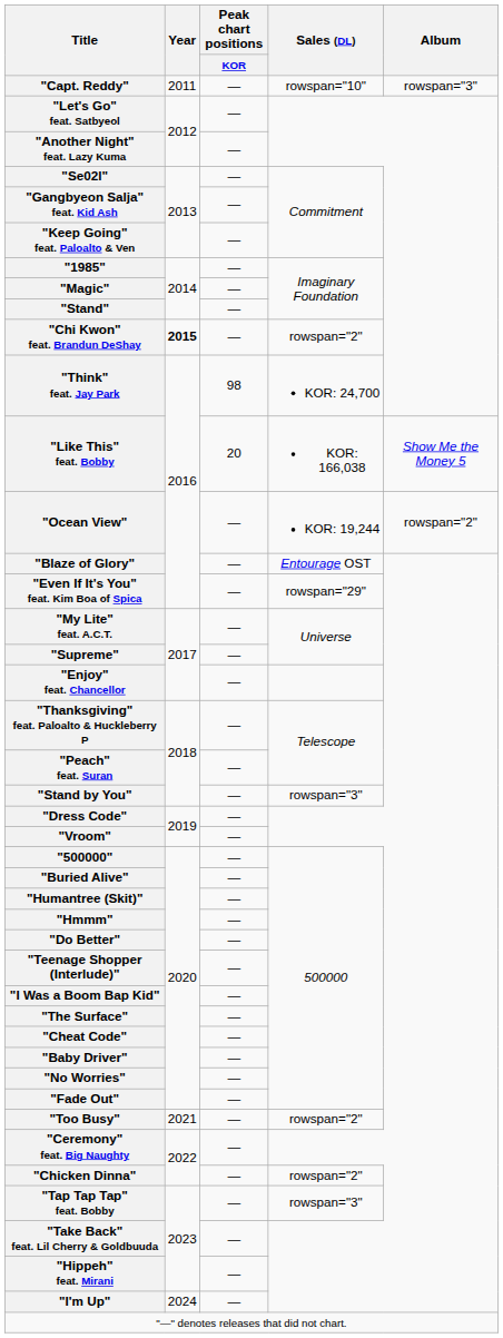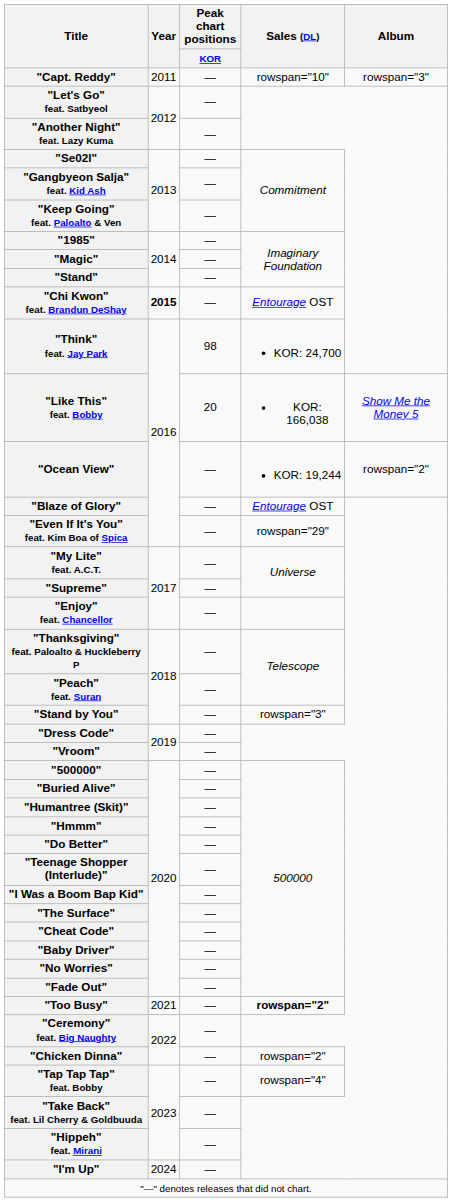 <table class="wikitable plainrowheaders" style="text-align:center;">
 <tr>
 <th scope="col" rowspan="2">Title</th>
 <th scope="col" rowspan="2">Year</th>
 <th scope="col" colspan="1">Peak chart <br> positions</th>
 <th scope="col" rowspan="2">Sales <small>(<a href='#'>DL</a>)</small></th>
 <th scope="col" rowspan="2">Album</th>
 </tr>
 <tr>
 <th><small><a href='#'>KOR</a></small><br></th>
 </tr>
 <tr>
 <th scope="row">"Capt. Reddy"</th>
 <td>2011</td>
 <td>—</td>
 <td>rowspan="10" </td>
 <td>rowspan="3" </td>
 </tr>
 <tr>
 <th scope="row">"Let's Go" <br><small>feat. Satbyeol</small></th>
 <td rowspan="2">2012</td>
 <td>—</td>
 </tr>
 <tr>
 <th scope="row">"Another Night" <br><small>feat. Lazy Kuma</small></th>
 <td>—</td>
 </tr>
 <tr>
 <th scope="row">"Se02l"</th>
 <td rowspan="3">2013</td>
 <td>—</td>
 <td rowspan="3"><em>Commitment</em></td>
 </tr>
 <tr>
 <th scope="row">"Gangbyeon Salja" <br><small>feat. <a href='#'>Kid Ash</a></small></th>
 <td>—</td>
 </tr>
 <tr>
 <th scope="row">"Keep Going" <br><small>feat. <a href='#'>Paloalto</a> & Ven</small></th>
 <td>—</td>
 </tr>
 <tr>
 <th scope="row">"1985"</th>
 <td rowspan="3">2014</td>
 <td>—</td>
 <td rowspan="3"><em>Imaginary Foundation</em></td>
 </tr>
 <tr>
 <th scope="row">"Magic" </th>
 <td>—</td>
 </tr>
 <tr>
 <th scope="row">"Stand" </th>
 <td>—</td>
 </tr>
 <tr>
 <th scope="row">"Chi Kwon"  <br><small>feat. <a href='#'>Brandun DeShay</a></small></th>
 <td><strong>2015</strong></td>
 <td>—</td>
-<td>rowspan="2" </td>
+<td><em><a href='#'>Entourage</a></em> OST</td>
 </tr>
 <tr>
 <th scope="row">"Think"  <br><small>feat. <a href='#'>Jay Park</a></small></th>
 <td rowspan="5">2016</td>
 <td>98</td>
 <td><br><ul><li>KOR: 24,700</li></ul></td>
 </tr>
 <tr>
 <th scope="row">"Like This" <br><small>feat. <a href='#'>Bobby</a></small></th>
 <td>20</td>
 <td><br><ul><li>KOR: 166,038</li></ul></td>
 <td><em><a href='#'>Show Me the Money 5</a></em></td>
 </tr>
 <tr>
 <th scope="row">"Ocean View"</th>
 <td>—</td>
 <td><br><ul><li>KOR: 19,244</li></ul></td>
 <td>rowspan="2" </td>
 </tr>
 <tr>
 <th scope="row">"Blaze of Glory"</th>
 <td>—</td>
 <td><em><a href='#'>Entourage</a></em> OST</td>
 </tr>
 <tr>
 <th scope="row">"Even If It's You" <br><small>feat. Kim Boa of <a href='#'>Spica</a></small></th>
 <td>—</td>
 <td>rowspan="29" </td>
 </tr>
 <tr>
 <th scope="row">"My Lite" <br><small>feat. A.C.T.</small></th>
 <td rowspan="3">2017</td>
 <td>—</td>
 <td rowspan="2"><em>Universe</em></td>
 </tr>
 <tr>
 <th scope="row">"Supreme"</th>
 <td>—</td>
 </tr>
 <tr>
 <th scope="row">"Enjoy" <br><small>feat. <a href='#'>Chancellor</a></small></th>
 <td>—</td>
 <td></td>
 </tr>
 <tr>
 <th scope="row">"Thanksgiving" <br><small>feat. Paloalto & Huckleberry P</small></th>
 <td rowspan="3">2018</td>
 <td>—</td>
 <td rowspan="2"><em>Telescope</em></td>
 </tr>
 <tr>
 <th scope="row">"Peach"<br><small>feat. <a href='#'>Suran</a></small></th>
 <td>—</td>
 </tr>
 <tr>
 <th scope="row">"Stand by You"</th>
 <td>—</td>
 <td>rowspan="3" </td>
 </tr>
 <tr>
 <th scope="row">"Dress Code"</th>
 <td rowspan="2">2019</td>
 <td>—</td>
 </tr>
 <tr>
 <th scope="row">"Vroom"</th>
 <td>—</td>
 </tr>
 <tr>
 <th scope="row">"500000"</th>
 <td rowspan="12">2020</td>
 <td>—</td>
 <td rowspan="12"><em>500000</em></td>
 </tr>
 <tr>
 <th scope="row">"Buried Alive"</th>
 <td>—</td>
 </tr>
 <tr>
 <th scope="row">"Humantree (Skit)"</th>
 <td>—</td>
 </tr>
 <tr>
 <th scope="row">"Hmmm"</th>
 <td>—</td>
 </tr>
 <tr>
 <th scope="row">"Do Better" </th>
 <td>—</td>
 </tr>
 <tr>
 <th scope="row">"Teenage Shopper (Interlude)"</th>
 <td>—</td>
 </tr>
 <tr>
 <th scope="row">"I Was a Boom Bap Kid"</th>
 <td>—</td>
 </tr>
 <tr>
 <th scope="row">"The Surface" </th>
 <td>—</td>
 </tr>
 <tr>
 <th scope="row">"Cheat Code" </th>
 <td>—</td>
 </tr>
 <tr>
 <th scope="row">"Baby Driver"</th>
 <td>—</td>
 </tr>
 <tr>
 <th scope="row">"No Worries"</th>
 <td>—</td>
 </tr>
 <tr>
 <th scope="row">"Fade Out"</th>
 <td>—</td>
 </tr>
 <tr>
 <th scope="row">"Too Busy" </th>
 <td>2021</td>
 <td>—</td>
-<td>rowspan="2" </td>
+<td><strong>rowspan="2" </strong></td>
 </tr>
 <tr>
 <th scope="row">"Ceremony"<br><small>feat. <a href='#'>Big Naughty</a></small></th>
 <td rowspan="2">2022</td>
 <td>—</td>
 </tr>
 <tr>
 <th scope="row">"Chicken Dinna"</th>
 <td>—</td>
 <td>rowspan="2" </td>
 </tr>
 <tr>
 <th scope="row">"Tap Tap Tap"<br><small>feat. Bobby</small></th>
 <td rowspan="3">2023</td>
 <td>—</td>
-<td>rowspan="3" </td>
+<td>rowspan="4" </td>
 </tr>
 <tr>
 <th scope="row">"Take Back"<br><small>feat. Lil Cherry & Goldbuuda</small></th>
 <td>—</td>
 </tr>
 <tr>
 <th scope="row">"Hippeh"<br><small>feat. <a href='#'>Mirani</a></small></th>
 <td>—</td>
 </tr>
 <tr>
 <th scope="row">"I'm Up"</th>
 <td>2024</td>
 <td>—</td>
 </tr>
 <tr>
 <td colspan="5" align="center"><small>"—" denotes releases that did not chart.</small></td>
 </tr>
 </table>
